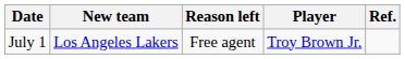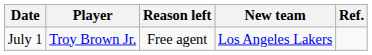 <table class="wikitable sortable sortable" style="text-align: center">
 <tr>
 <th>Date</th>
+<th>Player</th>
+<th>Reason left</th>
 <th>New team</th>
-<th>Reason left</th>
-<th>Player</th>
 <th>Ref.</th>
 </tr>
 <tr>
 <td>July 1</td>
+<td><a href='#'>Troy Brown Jr.</a></td>
+<td>Free agent</td>
 <td><a href='#'>Los Angeles Lakers</a></td>
-<td>Free agent</td>
-<td><a href='#'>Troy Brown Jr.</a></td>
 <td></td>
 </tr>
 </table>
